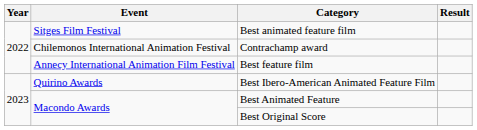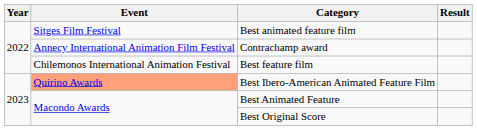 <table class="wikitable">
 <tr>
 <th>Year</th>
 <th>Event</th>
 <th>Category</th>
 <th>Result</th>
 </tr>
 <tr>
 <td rowspan="3">2022</td>
 <td><a href='#'>Sitges Film Festival</a></td>
 <td>Best animated feature film</td>
 <td></td>
 </tr>
 <tr>
-<td>Chilemonos International Animation Festival</td>
+<td><a href='#'>Annecy International Animation Film Festival</a></td>
 <td>Contrachamp award</td>
 <td></td>
 </tr>
 <tr>
-<td><a href='#'>Annecy International Animation Film Festival</a></td>
+<td>Chilemonos International Animation Festival</td>
 <td>Best feature film</td>
 <td></td>
 </tr>
 <tr>
 <td rowspan="3">2023</td>
-<td><a href='#'>Quirino Awards</a></td>
+<td style="background: lightsalmon;"><a href='#'>Quirino Awards</a></td>
 <td>Best Ibero-American Animated Feature Film</td>
 <td></td>
 </tr>
 <tr>
 <td rowspan="2"><a href='#'>Macondo Awards</a></td>
 <td>Best Animated Feature</td>
 <td></td>
 </tr>
 <tr>
 <td>Best Original Score</td>
 <td></td>
 </tr>
 </table>
